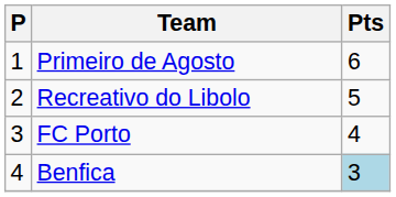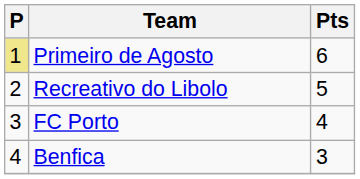 <table class="wikitable">
 <tr>
 <th>P</th>
 <th width=205>Team</th>
 <th>Pts</th>
 </tr>
 <tr>
-<td>1</td>
+<td style="background: khaki;">1</td>
 <td> <a href='#'>Primeiro de Agosto</a></td>
 <td>6</td>
 </tr>
 <tr>
 <td>2</td>
 <td> <a href='#'>Recreativo do Libolo</a></td>
 <td>5</td>
 </tr>
 <tr>
 <td>3</td>
 <td> <a href='#'>FC Porto</a></td>
 <td>4</td>
 </tr>
 <tr>
 <td>4</td>
 <td> <a href='#'>Benfica</a></td>
-<td style="background: lightblue;">3</td>
+<td>3</td>
 </tr>
 <tr>
 </tr>
 </table>
